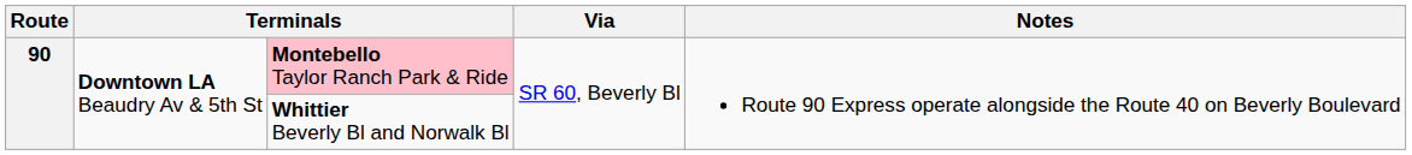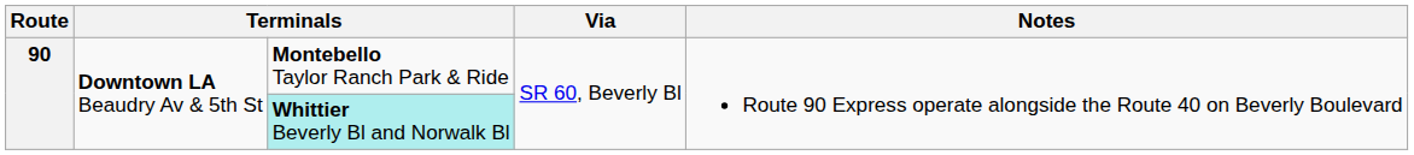 <table class="wikitable" style="vertical-align:top">
 <tr>
 <th>Route</th>
 <th colspan="2">Terminals</th>
 <th>Via</th>
 <th>Notes</th>
 </tr>
 <tr>
 <th rowspan="2" style="vertical-align:top">90</th>
 <td rowspan="2"><strong>Downtown LA</strong><br>Beaudry Av & 5th St</td>
-<td style="background: pink;"><strong>Montebello</strong><br>Taylor Ranch Park & Ride</td>
+<td><strong>Montebello</strong><br>Taylor Ranch Park & Ride</td>
 <td rowspan="2"><a href='#'>SR 60</a>, Beverly Bl</td>
 <td rowspan="2"><br><ul><li>Route 90 Express operate alongside the Route 40 on Beverly Boulevard</li></ul></td>
 </tr>
 <tr>
-<td><strong>Whittier</strong><br>Beverly Bl and Norwalk Bl</td>
+<td style="background: paleturquoise;"><strong>Whittier</strong><br>Beverly Bl and Norwalk Bl</td>
 </tr>
 </table>
